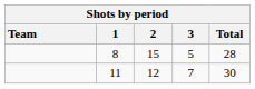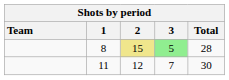 <table class="wikitable" style="width:20em; text-align:right;">
 <tr>
 <th colspan="6">Shots by period</th>
 </tr>
 <tr>
 <th style="width:8em; text-align:left;">Team</th>
 <th style="width:3em;">1</th>
 <th style="width:3em;">2</th>
 <th style="width:3em;">3</th>
 <th style="width:3em;">Total</th>
 </tr>
 <tr>
 <td style="text-align:left;"></td>
 <td style="text-align:center;">8</td>
-<td style="text-align:center;">15</td>
-<td style="text-align:center;">5</td>
+<td style="background: khaki; text-align:center;">15</td>
+<td style="background: lightgreen; text-align:center;">5</td>
 <td style="text-align:center;">28</td>
 </tr>
 <tr>
 <td style="text-align:left;"></td>
 <td style="text-align:center;">11</td>
 <td style="text-align:center;">12</td>
 <td style="text-align:center;">7</td>
 <td style="text-align:center;">30</td>
 </tr>
 </table>
